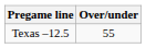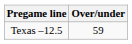 <table class="wikitable" style="margin-left: auto; margin-right: auto; border: none; display: inline-table;">
 <tr align="center">
 <th style=>Pregame line</th>
 <th style=>Over/under</th>
 </tr>
 <tr align="center">
 <td>Texas –12.5</td>
-<td>55</td>
+<td>59</td>
 </tr>
 </table>
